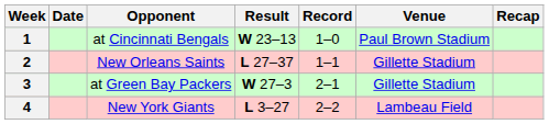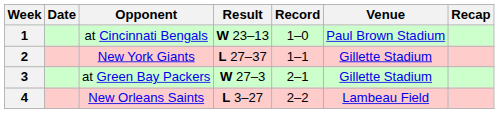 <table class="wikitable" style="text-align:center">
 <tr>
 <th>Week</th>
 <th>Date</th>
 <th>Opponent</th>
 <th>Result</th>
 <th>Record</th>
 <th>Venue</th>
 <th>Recap</th>
 </tr>
 <tr style="background:#cfc;">
 <th>1</th>
 <td></td>
 <td>at <a href='#'>Cincinnati Bengals</a></td>
 <td><strong>W</strong> 23–13</td>
 <td>1–0</td>
 <td><a href='#'>Paul Brown Stadium</a></td>
 <td></td>
 </tr>
 <tr style="background:#fcc;">
 <th>2</th>
 <td></td>
-<td><a href='#'>New Orleans Saints</a></td>
+<td><a href='#'>New York Giants</a></td>
 <td><strong>L</strong> 27–37</td>
 <td>1–1</td>
 <td><a href='#'>Gillette Stadium</a></td>
 <td></td>
 </tr>
 <tr style="background:#cfc;">
 <th>3</th>
 <td></td>
 <td>at <a href='#'>Green Bay Packers</a></td>
 <td><strong>W</strong> 27–3</td>
 <td>2–1</td>
 <td><a href='#'>Gillette Stadium</a></td>
 <td></td>
 </tr>
 <tr style="background:#fcc;">
 <th>4</th>
 <td></td>
-<td><a href='#'>New York Giants</a></td>
+<td><a href='#'>New Orleans Saints</a></td>
 <td><strong>L</strong> 3–27</td>
 <td>2–2</td>
 <td><a href='#'>Lambeau Field</a></td>
 <td></td>
 </tr>
 </table>
